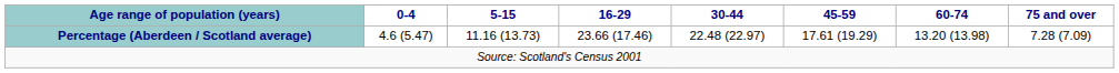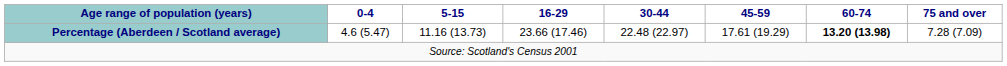 <table class="wikitable" style="font-size:90%;width:100%;border:0px;text-align:center;line-height:120%;">
 <tr>
 <th style="background: #99CCCC; color: #000080" height="17">Age range of population (years)</th>
 <th style="background: #FFFFFF; color:#000080;">0-4</th>
 <th style="background: #FFFFFF; color:#000080;">5-15</th>
 <th style="background: #FFFFFF; color:#000080;">16-29</th>
 <th style="background: #FFFFFF; color:#000080;">30-44</th>
 <th style="background: #FFFFFF; color:#000080;">45-59</th>
 <th style="background: #FFFFFF; color:#000080;">60-74</th>
 <th style="background: #FFFFFF; color:#000080;">75 and over</th>
 </tr>
 <tr>
 <th style="background: #99CCCC; color: #000080" height="17">Percentage (Aberdeen / Scotland average)</th>
 <td style="background: #FFFFFF; color: black;">4.6 (5.47)</td>
 <td style="background: #FFFFFF; color: black;">11.16 (13.73)</td>
 <td style="background: #FFFFFF; color: black;">23.66 (17.46)</td>
 <td style="background: #FFFFFF; color: black;">22.48 (22.97)</td>
 <td style="background: #FFFFFF; color: black;">17.61 (19.29)</td>
-<td style="background: #FFFFFF; color: black;">13.20 (13.98)</td>
+<td style="background: #FFFFFF; color: black;"><strong>13.20 (13.98)</strong></td>
 <td style="background: #FFFFFF; color: black;">7.28 (7.09)</td>
 </tr>
 <tr>
 <td colspan="14" style="text-align:center;font-size:90%;"><em>Source: Scotland's Census 2001</em></td>
 </tr>
 </table>
